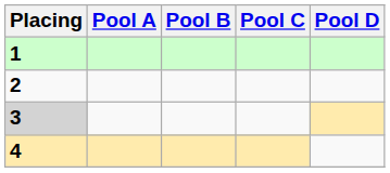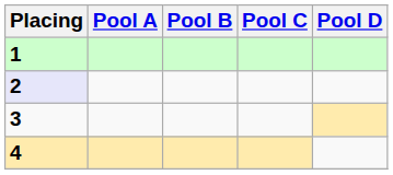 <table class=wikitable style="border:1px solid #AAAAAA;">
 <tr>
 <th>Placing</th>
 <th><a href='#'>Pool A</a></th>
 <th><a href='#'>Pool B</a></th>
 <th><a href='#'>Pool C</a></th>
 <th><a href='#'>Pool D</a></th>
 </tr>
 <tr style="background: #ccffcc;">
 <td><strong>1</strong></td>
 <td></td>
 <td></td>
 <td></td>
 <td></td>
 </tr>
 <tr>
-<td><strong>2</strong></td>
+<td style="background: lavender;"><strong>2</strong></td>
 <td></td>
 <td></td>
 <td></td>
 <td></td>
 </tr>
 <tr>
-<td style="background: lightgrey;"><strong>3</strong></td>
+<td><strong>3</strong></td>
 <td></td>
 <td></td>
 <td></td>
 <td style="background: #ffebad;"></td>
 </tr>
 <tr>
 <td style="background: #ffebad;"><strong>4</strong></td>
 <td style="background: #ffebad;"></td>
 <td style="background: #ffebad;"></td>
 <td style="background: #ffebad;"></td>
 <td></td>
 </tr>
 <tr>
 </tr>
 </table>
